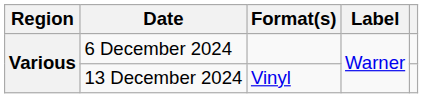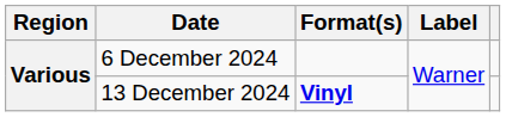 <table class="wikitable plainrowheaders">
 <tr>
 <th scope="col">Region</th>
 <th scope="col">Date</th>
 <th scope="col">Format(s)</th>
 <th scope="col">Label</th>
 <th scope="col"></th>
 </tr>
 <tr>
 <th scope="row" rowspan="2">Various</th>
 <td>6 December 2024</td>
 <td></td>
 <td rowspan="2"><a href='#'>Warner</a></td>
 <td style="text-align:center"></td>
 </tr>
 <tr>
 <td>13 December 2024</td>
-<td><a href='#'>Vinyl</a></td>
+<td><strong><a href='#'>Vinyl</a></strong></td>
 <td style="text-align:center"></td>
 </tr>
 </table>
